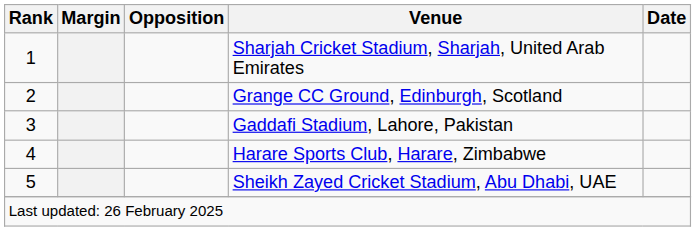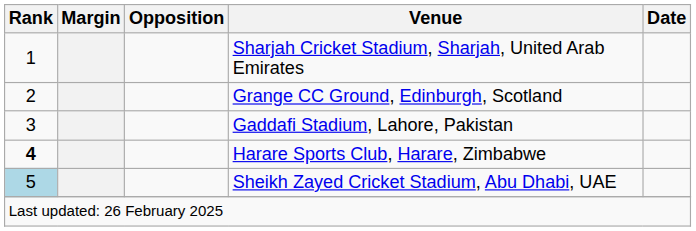 <table class="wikitable plainrowheaders sortable">
 <tr>
 <th scope=col>Rank</th>
 <th scope=col>Margin</th>
 <th scope=col>Opposition</th>
 <th scope=col>Venue</th>
 <th scope=col>Date</th>
 </tr>
 <tr>
 <td align=center>1</td>
 <th scope=row style=text-align:center;></th>
 <td></td>
 <td><a href='#'>Sharjah Cricket Stadium</a>, <a href='#'>Sharjah</a>, United Arab Emirates</td>
 <td></td>
 </tr>
 <tr>
 <td align=center>2</td>
 <th scope=row style=text-align:center;></th>
 <td></td>
 <td><a href='#'>Grange CC Ground</a>, <a href='#'>Edinburgh</a>, Scotland</td>
 <td></td>
 </tr>
 <tr>
 <td align=center>3</td>
 <th scope=row style=text-align:center;></th>
 <td></td>
 <td><a href='#'>Gaddafi Stadium</a>, Lahore, Pakistan</td>
 <td></td>
 </tr>
 <tr>
-<td align=center>4</td>
+<td align=center><strong>4</strong></td>
 <th scope=row style=text-align:center;></th>
 <td></td>
 <td><a href='#'>Harare Sports Club</a>, <a href='#'>Harare</a>, Zimbabwe</td>
 <td></td>
 </tr>
 <tr>
-<td align=center>5</td>
+<td align=center style="background: lightblue;">5</td>
 <th scope=row style=text-align:center;></th>
 <td></td>
 <td><a href='#'>Sheikh Zayed Cricket Stadium</a>, <a href='#'>Abu Dhabi</a>, UAE</td>
 <td></td>
 </tr>
 <tr>
 </tr>
 <tr class=sortbottom>
 <td colspan=5><small>Last updated: 26 February 2025</small></td>
 </tr>
 </table>
